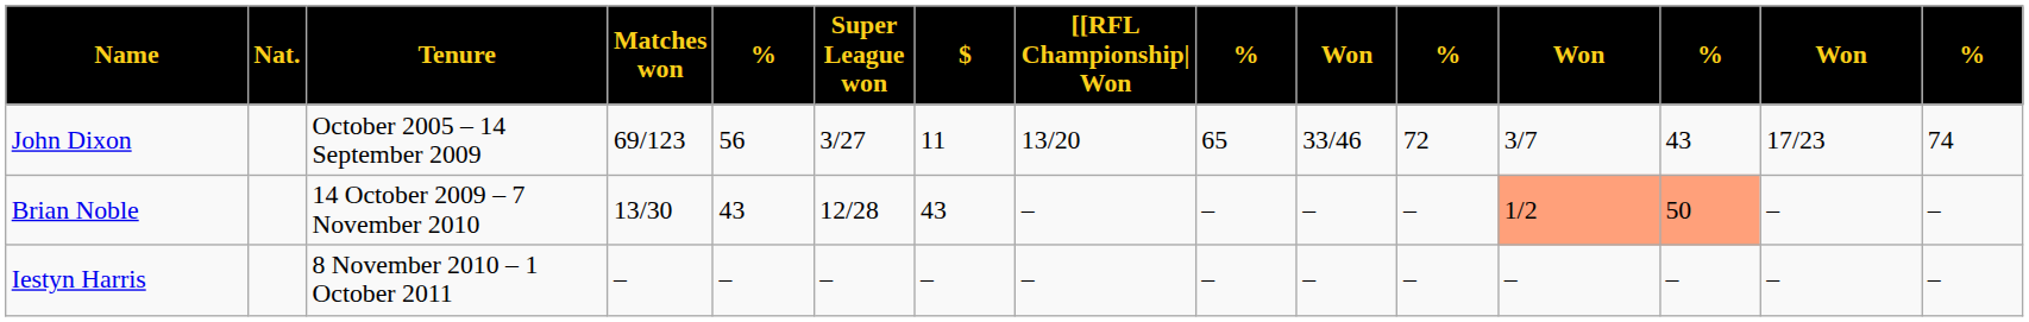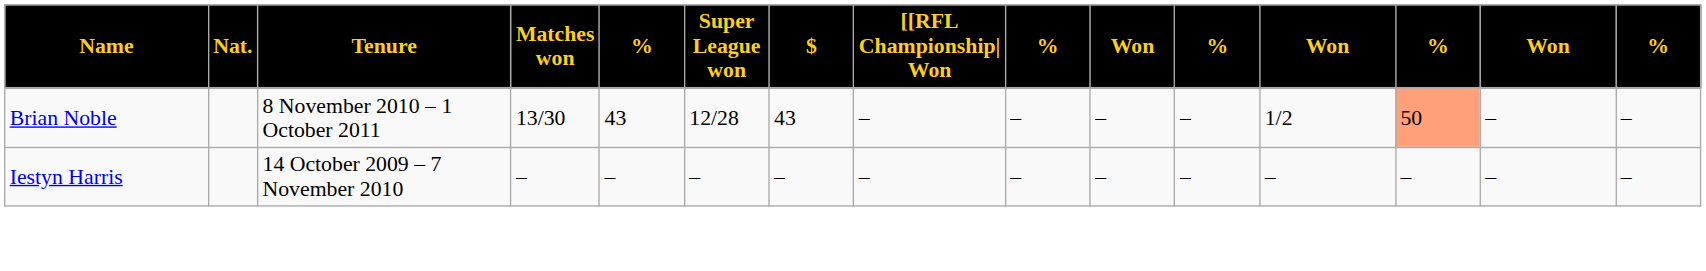 <table class="wikitable" style="width:;">
 <tr>
 <th style="width:12%; background:black; color:#FCCF1B">Name</th>
 <th style="width: %; background:black; color:#FCCF1B">Nat.</th>
 <th style="width: %; background:black; color:#FCCF1B">Tenure</th>
 <th style="width:5%; background:black; color:#FCCF1B">Matches won</th>
 <th style="width:5%; background:black; color:#FCCF1B">%</th>
 <th style="width:5%; background:black; color:#FCCF1B">Super League won</th>
 <th style="width:5%; background:black; color:#FCCF1B">$</th>
 <th style="width:5%; background:black; color:#FCCF1B">[[RFL Championship| Won</th>
 <th style="width:5%; background:black; color:#FCCF1B">%</th>
 <th style="width:5%; background:black; color:#FCCF1B"><a href='#'></a> Won</th>
 <th style="width:5%; background:black; color:#FCCF1B">%</th>
 <th style="width:8%; background:black; color:#FCCF1B"><a href='#'></a> Won</th>
 <th style="width:5%; background:black; color:#FCCF1B">%</th>
 <th style="width:8%; background:black; color:#FCCF1B"><a href='#'></a> Won</th>
 <th style="width:5%; background:black; color:#FCCF1B">%</th>
 </tr>
 <tr>
-<td><a href='#'>John Dixon</a></td>
-<td></td>
-<td>October 2005 – 14 September 2009</td>
-<td>69/123</td>
-<td>56</td>
-<td>3/27</td>
-<td>11</td>
-<td>13/20</td>
-<td>65</td>
-<td>33/46</td>
-<td>72</td>
-<td>3/7</td>
-<td>43</td>
-<td>17/23</td>
-<td>74</td>
-</tr>
-<tr>
 <td><a href='#'>Brian Noble</a></td>
 <td></td>
-<td>14 October 2009 – 7 November 2010</td>
+<td>8 November 2010 – 1 October 2011</td>
 <td>13/30</td>
 <td>43</td>
 <td>12/28</td>
 <td>43</td>
 <td>–</td>
 <td>–</td>
 <td>–</td>
 <td>–</td>
-<td style="background: lightsalmon;">1/2</td>
+<td>1/2</td>
 <td style="background: lightsalmon;">50</td>
 <td>–</td>
 <td>–</td>
 </tr>
 <tr>
 <td><a href='#'>Iestyn Harris</a></td>
 <td></td>
-<td>8 November 2010 – 1 October 2011</td>
+<td>14 October 2009 – 7 November 2010</td>
 <td>–</td>
 <td>–</td>
 <td>–</td>
 <td>–</td>
 <td>–</td>
 <td>–</td>
 <td>–</td>
 <td>–</td>
 <td>–</td>
 <td>–</td>
 <td>–</td>
 <td>–</td>
 </tr>
 </table>
